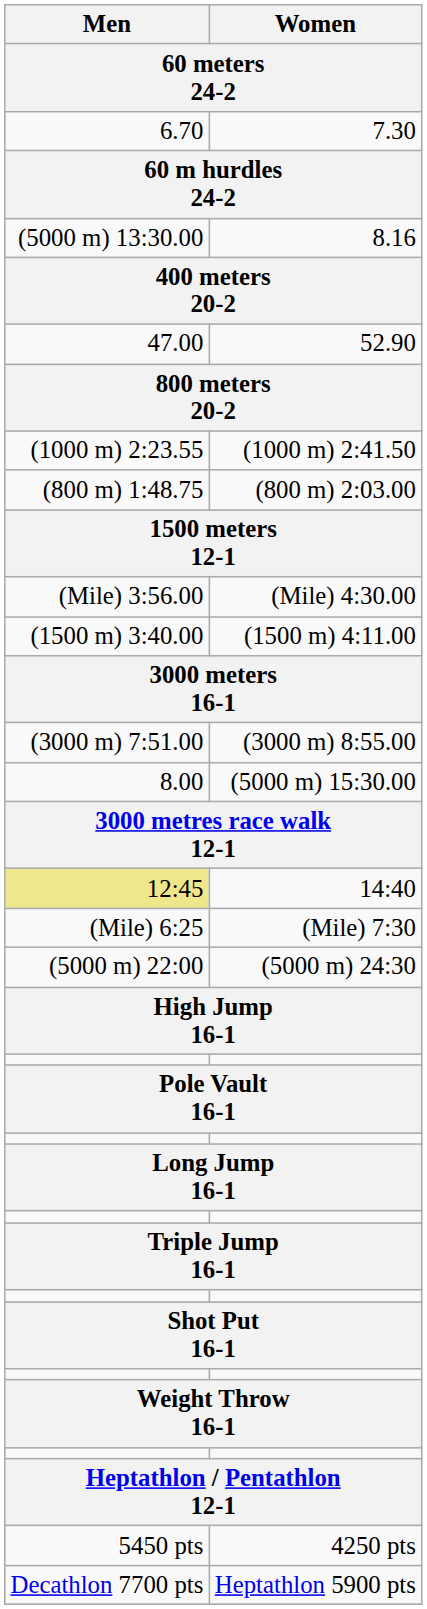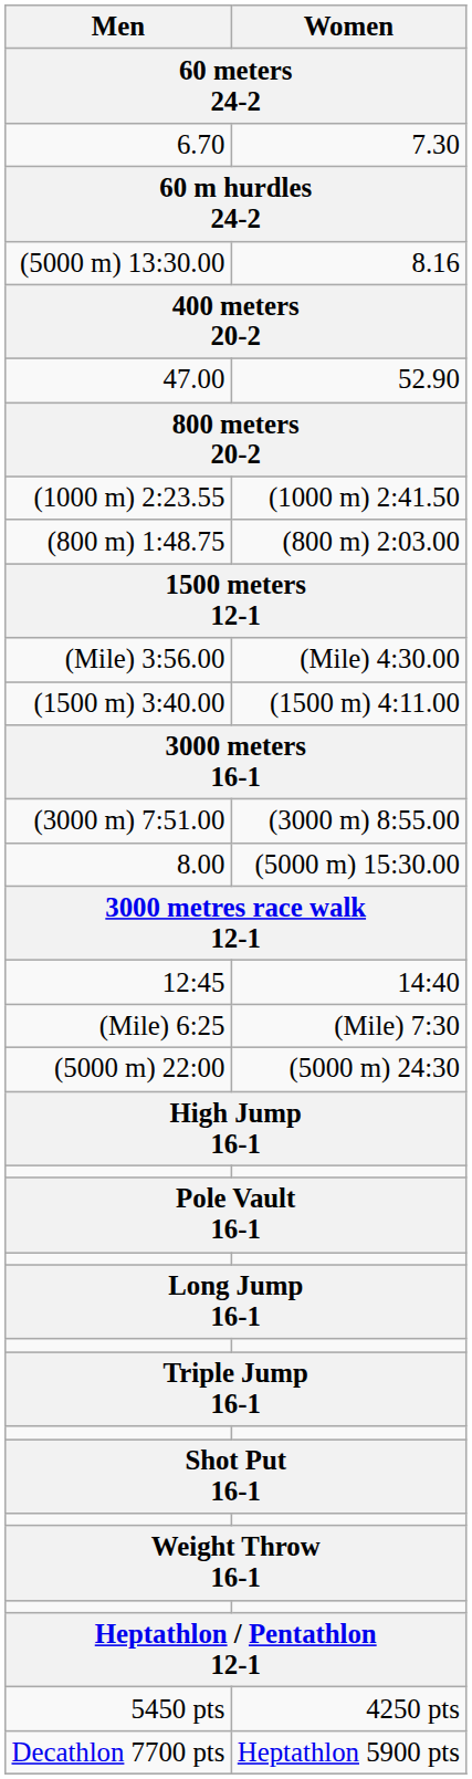 <table class="wikitable sortable collapsible " style="text-align:right;">
 <tr>
 <th>Men</th>
 <th>Women</th>
 </tr>
 <tr>
 <th colspan="2">60 meters<br>24-2</th>
 </tr>
 <tr>
 <td>6.70</td>
 <td>7.30</td>
 </tr>
 <tr>
 <th colspan="2">60 m hurdles<br>24-2</th>
 </tr>
 <tr>
 <td>(5000 m) 13:30.00</td>
 <td>8.16</td>
 </tr>
 <tr>
 <th colspan="2">400 meters<br>20-2</th>
 </tr>
 <tr>
 <td>47.00</td>
 <td>52.90</td>
 </tr>
 <tr>
 <th colspan="2">800 meters<br>20-2</th>
 </tr>
 <tr>
 <td>(1000 m) 2:23.55</td>
 <td>(1000 m) 2:41.50</td>
 </tr>
 <tr>
 <td>(800 m) 1:48.75</td>
 <td>(800 m) 2:03.00</td>
 </tr>
 <tr>
 <th colspan="2">1500 meters<br>12-1</th>
 </tr>
 <tr>
 <td>(Mile) 3:56.00</td>
 <td>(Mile) 4:30.00</td>
 </tr>
 <tr>
 <td>(1500 m) 3:40.00</td>
 <td>(1500 m) 4:11.00</td>
 </tr>
 <tr>
 <th colspan="2">3000 meters<br>16-1</th>
 </tr>
 <tr>
 <td>(3000 m) 7:51.00</td>
 <td>(3000 m) 8:55.00</td>
 </tr>
 <tr>
 <td>8.00</td>
 <td>(5000 m) 15:30.00</td>
 </tr>
 <tr>
 <th colspan="2"><a href='#'>3000 metres race walk</a><br>12-1</th>
 </tr>
 <tr>
-<td style="background: khaki;">12:45</td>
+<td>12:45</td>
 <td>14:40</td>
 </tr>
 <tr>
 <td>(Mile) 6:25</td>
 <td>(Mile) 7:30</td>
 </tr>
 <tr>
 <td>(5000 m) 22:00</td>
 <td>(5000 m) 24:30</td>
 </tr>
 <tr>
 <th colspan="2">High Jump<br>16-1</th>
 </tr>
 <tr>
 <td></td>
 <td></td>
 </tr>
 <tr>
 <th colspan="2">Pole Vault<br>16-1</th>
 </tr>
 <tr>
 <td></td>
 <td></td>
 </tr>
 <tr>
 <th colspan="2">Long Jump<br>16-1</th>
 </tr>
 <tr>
 <td></td>
 <td></td>
 </tr>
 <tr>
 <th colspan="2">Triple Jump<br>16-1</th>
 </tr>
 <tr>
 <td></td>
 <td></td>
 </tr>
 <tr>
 <th colspan="2">Shot Put<br>16-1</th>
 </tr>
 <tr>
 <td></td>
 <td></td>
 </tr>
 <tr>
 <th colspan="2">Weight Throw<br>16-1</th>
 </tr>
 <tr>
 <td></td>
 <td></td>
 </tr>
 <tr>
 <th colspan="2"><a href='#'>Heptathlon</a> / <a href='#'>Pentathlon</a><br>12-1</th>
 </tr>
 <tr>
 <td>5450 pts</td>
 <td>4250 pts</td>
 </tr>
 <tr>
 <td><a href='#'>Decathlon</a> 7700 pts</td>
 <td><a href='#'>Heptathlon</a> 5900 pts</td>
 </tr>
 <tr>
 </tr>
 </table>
